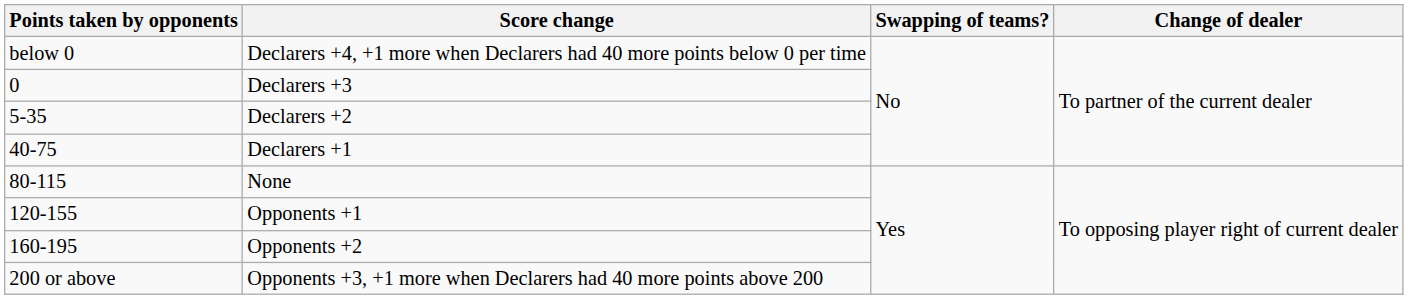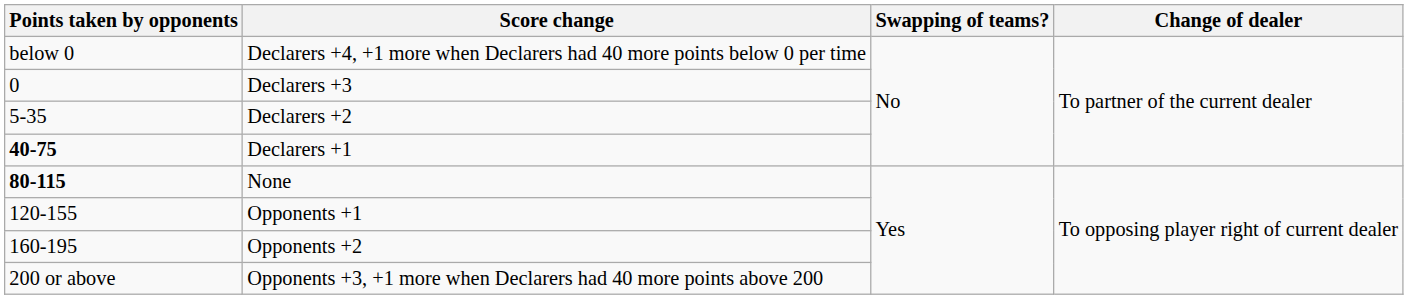 <table class="wikitable">
 <tr>
 <th>Points taken by opponents</th>
 <th>Score change</th>
 <th>Swapping of teams?</th>
 <th>Change of dealer</th>
 </tr>
 <tr>
 <td>below 0</td>
 <td>Declarers +4, +1 more when Declarers had 40 more points below 0 per time</td>
 <td rowspan=4>No</td>
 <td rowspan="4">To partner of the current dealer</td>
 </tr>
 <tr>
 <td>0</td>
 <td>Declarers +3</td>
 </tr>
 <tr>
 <td>5-35</td>
 <td>Declarers +2</td>
 </tr>
 <tr>
-<td>40-75</td>
+<td><strong>40-75</strong></td>
 <td>Declarers +1</td>
 </tr>
 <tr>
-<td>80-115</td>
+<td><strong>80-115</strong></td>
 <td>None</td>
 <td rowspan=4>Yes</td>
 <td rowspan=4>To opposing player right of current dealer</td>
 </tr>
 <tr>
 <td>120-155</td>
 <td>Opponents +1</td>
 </tr>
 <tr>
 <td>160-195</td>
 <td>Opponents +2</td>
 </tr>
 <tr>
 <td>200 or above</td>
 <td>Opponents +3, +1 more when Declarers had 40 more points above 200</td>
 </tr>
 </table>
